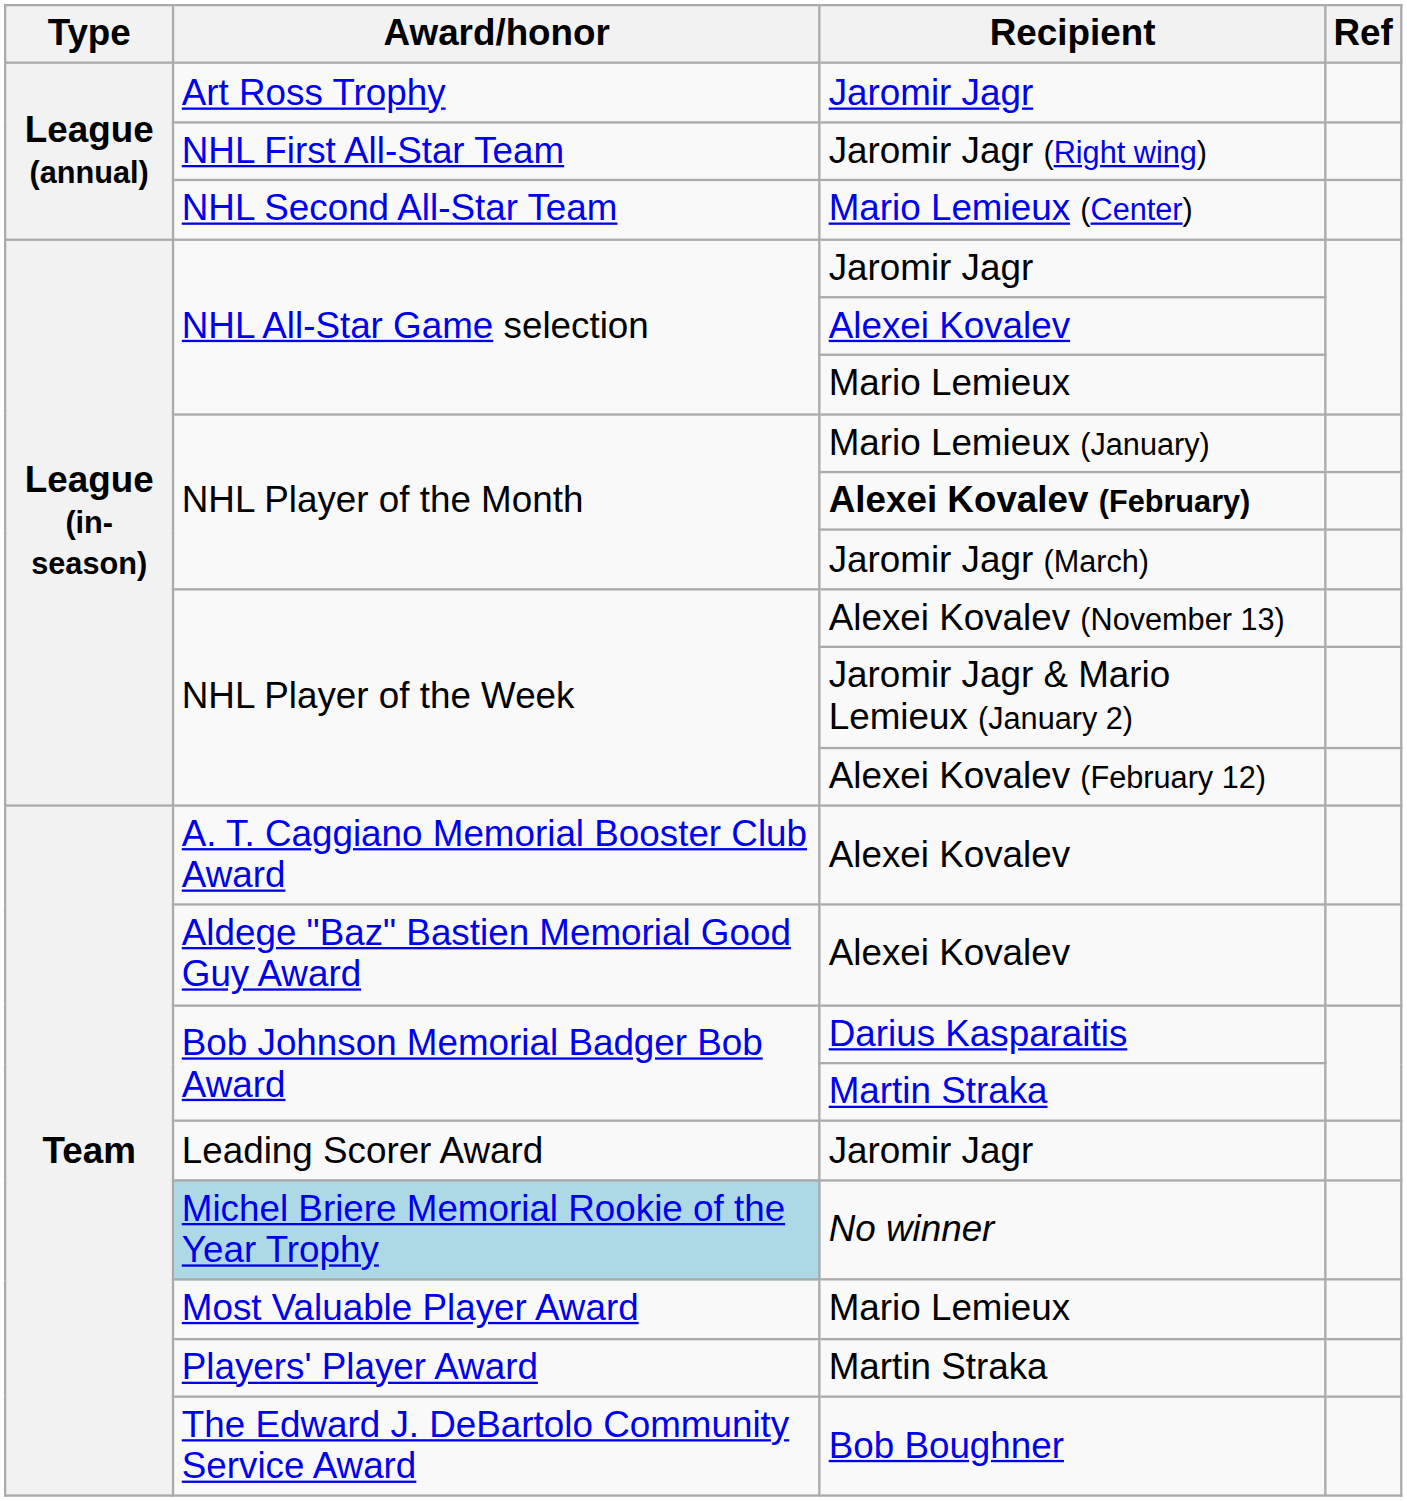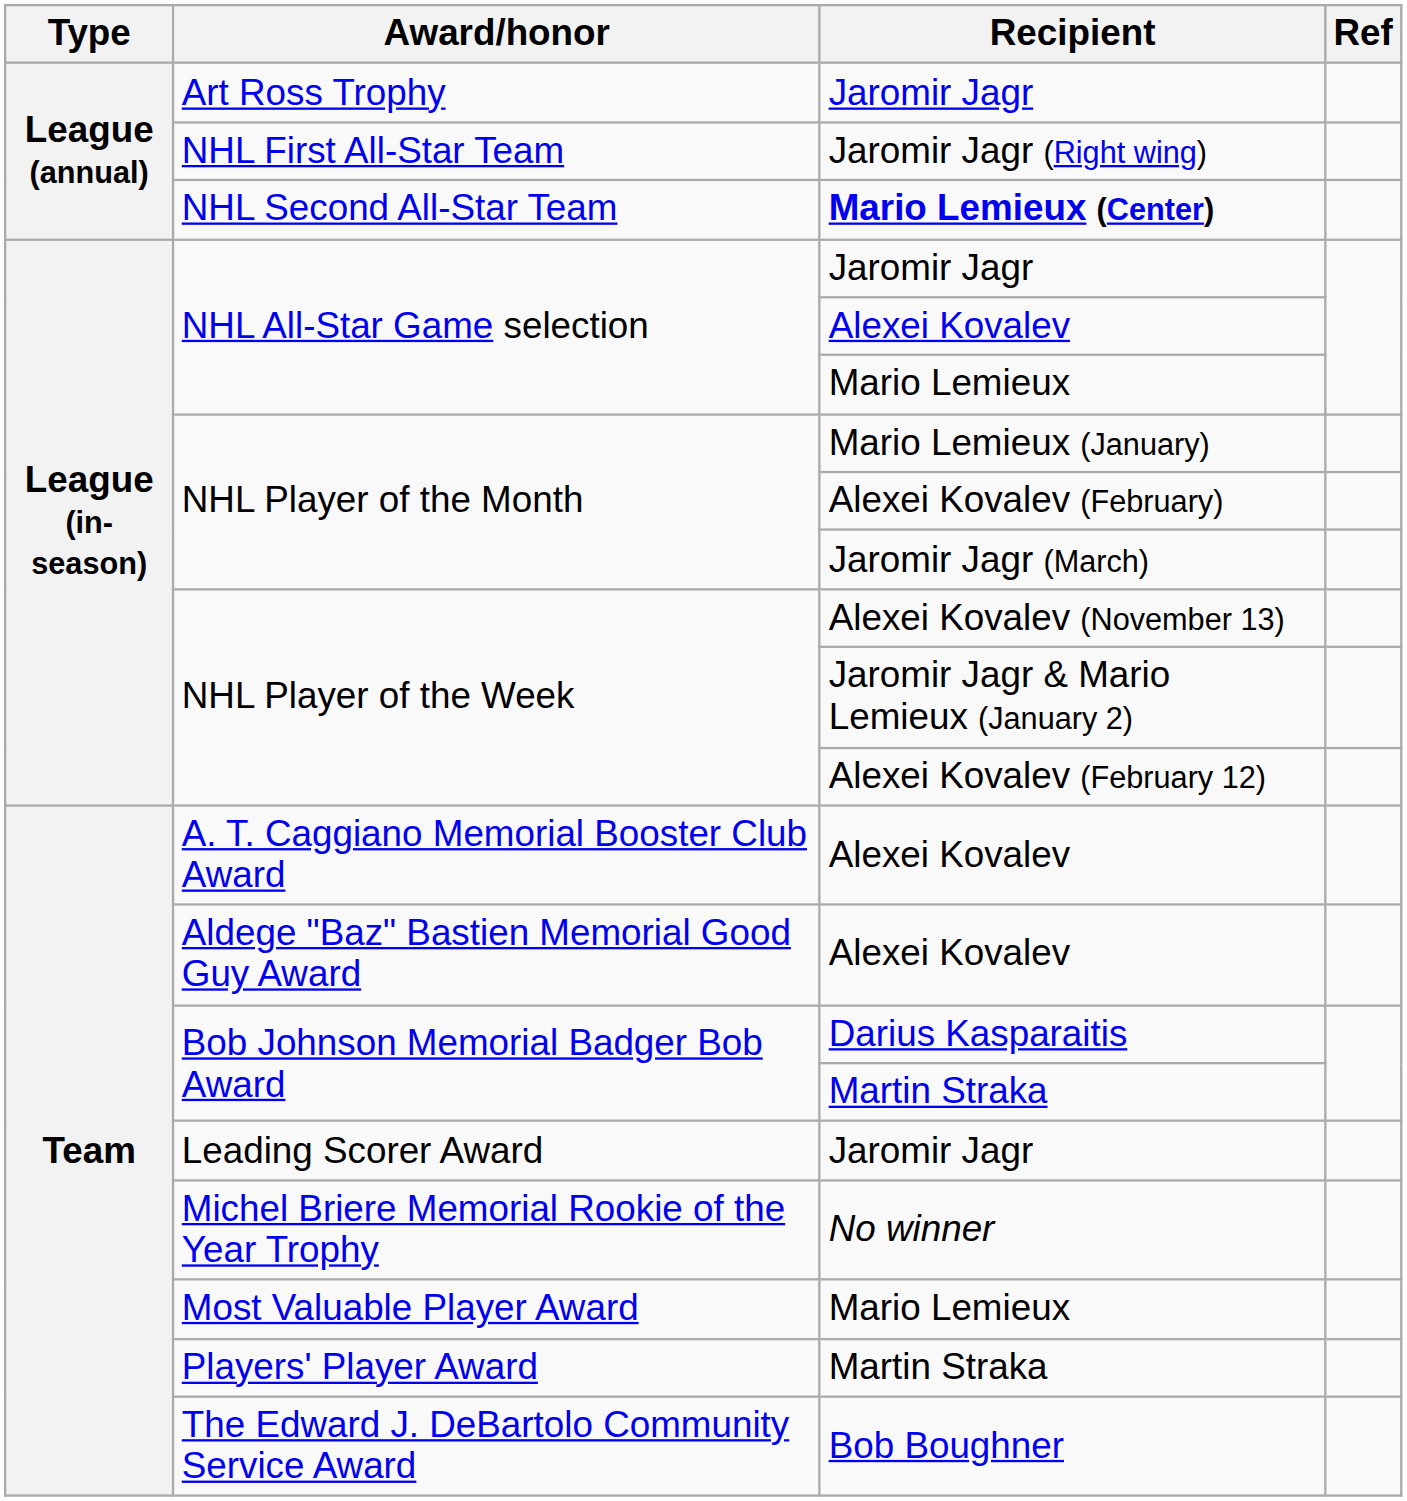 <table class="wikitable">
 <tr>
 <th scope="col">Type</th>
 <th scope="col">Award/honor</th>
 <th scope="col">Recipient</th>
 <th scope="col">Ref</th>
 </tr>
 <tr>
 <th scope="row" rowspan="3">League<br><small>(annual)</small></th>
 <td><a href='#'>Art Ross Trophy</a></td>
 <td><a href='#'>Jaromir Jagr</a></td>
 <td></td>
 </tr>
 <tr>
 <td><a href='#'>NHL First All-Star Team</a></td>
 <td>Jaromir Jagr <small>(<a href='#'>Right wing</a>)</small></td>
 <td></td>
 </tr>
 <tr>
 <td><a href='#'>NHL Second All-Star Team</a></td>
-<td><a href='#'>Mario Lemieux</a> <small>(<a href='#'>Center</a>)</small></td>
+<td><strong><a href='#'>Mario Lemieux</a> <small>(<a href='#'>Center</a>)</small></strong></td>
 <td></td>
 </tr>
 <tr>
 <th scope="row" rowspan="9">League<br><small>(in-season)</small></th>
 <td rowspan="3"><a href='#'>NHL All-Star Game</a> selection</td>
 <td>Jaromir Jagr</td>
 <td rowspan="3"></td>
 </tr>
 <tr>
 <td><a href='#'>Alexei Kovalev</a></td>
 </tr>
 <tr>
 <td>Mario Lemieux</td>
 </tr>
 <tr>
 <td rowspan="3">NHL Player of the Month</td>
 <td>Mario Lemieux <small>(January)</small></td>
 <td></td>
 </tr>
 <tr>
-<td><strong>Alexei Kovalev <small>(February)</small></strong></td>
+<td>Alexei Kovalev <small>(February)</small></td>
 <td></td>
 </tr>
 <tr>
 <td>Jaromir Jagr <small>(March)</small></td>
 <td></td>
 </tr>
 <tr>
 <td rowspan="3">NHL Player of the Week</td>
 <td>Alexei Kovalev <small>(November 13)</small></td>
 <td></td>
 </tr>
 <tr>
 <td>Jaromir Jagr & Mario Lemieux <small>(January 2)</small></td>
 <td></td>
 </tr>
 <tr>
 <td>Alexei Kovalev <small>(February 12)</small></td>
 <td></td>
 </tr>
 <tr>
 <th scope="row" rowspan="9">Team</th>
 <td><a href='#'>A. T. Caggiano Memorial Booster Club Award</a></td>
 <td>Alexei Kovalev</td>
 <td></td>
 </tr>
 <tr>
 <td><a href='#'>Aldege "Baz" Bastien Memorial Good Guy Award</a></td>
 <td>Alexei Kovalev</td>
 <td></td>
 </tr>
 <tr>
 <td rowspan="2"><a href='#'>Bob Johnson Memorial Badger Bob Award</a></td>
 <td><a href='#'>Darius Kasparaitis</a></td>
 <td rowspan="2"></td>
 </tr>
 <tr>
 <td><a href='#'>Martin Straka</a></td>
 </tr>
 <tr>
 <td>Leading Scorer Award</td>
 <td>Jaromir Jagr</td>
 <td></td>
 </tr>
 <tr>
-<td style="background: lightblue;"><a href='#'>Michel Briere Memorial Rookie of the Year Trophy</a></td>
+<td><a href='#'>Michel Briere Memorial Rookie of the Year Trophy</a></td>
 <td><em>No winner</em></td>
 <td></td>
 </tr>
 <tr>
 <td><a href='#'>Most Valuable Player Award</a></td>
 <td>Mario Lemieux</td>
 <td></td>
 </tr>
 <tr>
 <td><a href='#'>Players' Player Award</a></td>
 <td>Martin Straka</td>
 <td></td>
 </tr>
 <tr>
 <td><a href='#'>The Edward J. DeBartolo Community Service Award</a></td>
 <td><a href='#'>Bob Boughner</a></td>
 <td></td>
 </tr>
 </table>
